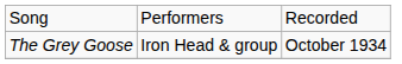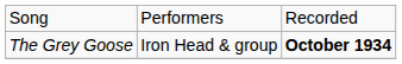 <table class="wikitable">
 <tr>
 <td>Song</td>
 <td>Performers</td>
 <td>Recorded</td>
 </tr>
 <tr>
 <td><em>The Grey Goose</em></td>
 <td>Iron Head  & group</td>
-<td>October 1934</td>
+<td><strong>October 1934</strong></td>
 </tr>
 <tr>
 </tr>
 </table>
